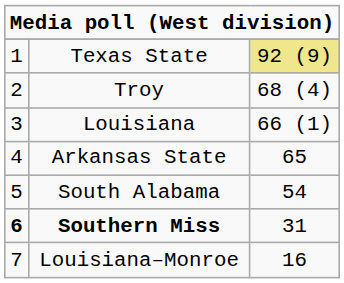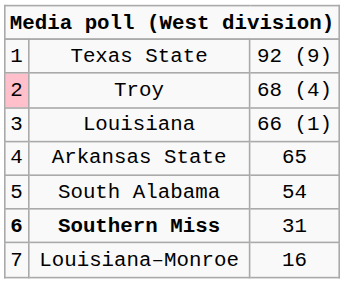 <table class="wikitable" style="display: inline-table;">
 <tr>
 <td align="center" Colspan="3"><strong>Media poll (West division)</strong></td>
 </tr>
 <tr align="center">
 </tr>
 <tr align="center">
 <td>1</td>
 <td>Texas State</td>
-<td style="background: khaki;">92 (9)</td>
+<td>92 (9)</td>
 </tr>
 <tr align="center">
-<td>2</td>
+<td style="background: pink;">2</td>
 <td>Troy</td>
 <td>68 (4)</td>
 </tr>
 <tr align="center">
 <td>3</td>
 <td>Louisiana</td>
 <td>66 (1)</td>
 </tr>
 <tr align="center">
 <td>4</td>
 <td>Arkansas State</td>
 <td>65</td>
 </tr>
 <tr align="center">
 <td>5</td>
 <td>South Alabama</td>
 <td>54</td>
 </tr>
 <tr align="center">
 <td><strong>6</strong></td>
 <td><strong>Southern Miss</strong></td>
 <td>31</td>
 </tr>
 <tr align="center">
 <td>7</td>
 <td>Louisiana–Monroe</td>
 <td>16</td>
 </tr>
 </table>
